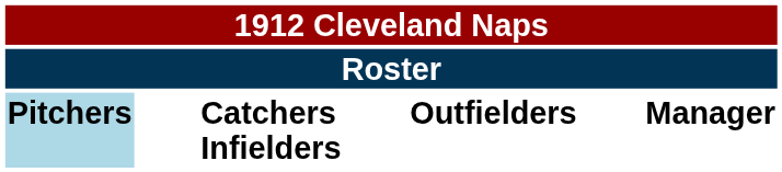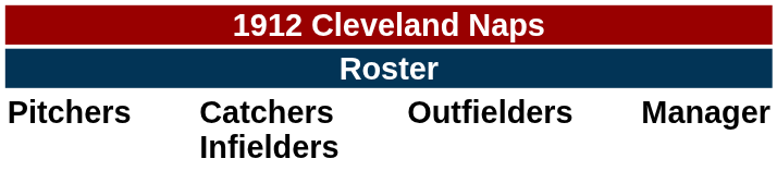 <table class="toccolours" style="font-size: 95%;">
 <tr>
 <th colspan="10" style="background-color: #990000; color: white; text-align: center;">1912 Cleveland Naps</th>
 </tr>
 <tr>
 <td colspan="10" style="background-color: #023456; color: white; text-align: center;"><strong>Roster</strong></td>
 </tr>
 <tr>
-<td valign="top" style="background: lightblue;"><strong>Pitchers</strong><br>               </td>
+<td valign="top"><strong>Pitchers</strong><br>               </td>
 <td width="25px"></td>
 <td valign="top"><strong>Catchers</strong><br>      <strong>Infielders</strong>              </td>
 <td width="25px"></td>
 <td valign="top"><strong>Outfielders</strong><br>          </td>
 <td width="25px"></td>
 <td valign="top"><strong>Manager</strong><br> </td>
 </tr>
 </table>
